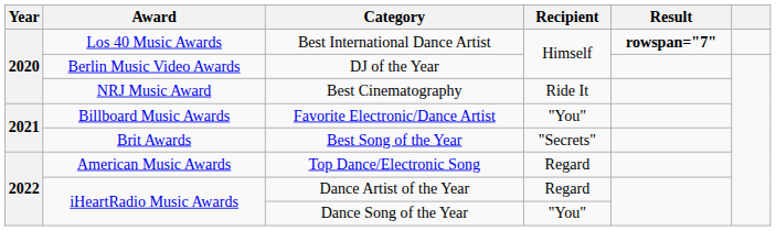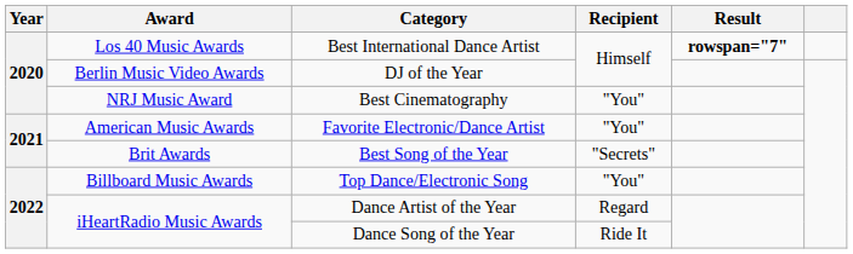 <table class="wikitable plainrowheaders unsortable" style="text-align:center">
 <tr>
 <th style="width:5%;">Year</th>
 <th>Award</th>
 <th>Category</th>
 <th>Recipient</th>
 <th>Result</th>
 <th style="width:5%;"></th>
 </tr>
 <tr>
 <th rowspan="3" scope="row">2020</th>
 <td><a href='#'>Los 40 Music Awards</a></td>
 <td>Best International Dance Artist</td>
 <td rowspan="2">Himself</td>
 <td><strong>rowspan="7" </strong></td>
 <td></td>
 </tr>
 <tr>
 <td><a href='#'>Berlin Music Video Awards</a></td>
 <td>DJ of the Year</td>
 <td></td>
 </tr>
 <tr>
 <td><a href='#'>NRJ Music Award</a></td>
 <td>Best Cinematography</td>
-<td>Ride It</td>
+<td>"You"</td>
 <td></td>
 </tr>
 <tr>
 <th rowspan="2" scope="row">2021</th>
-<td><a href='#'>Billboard Music Awards</a></td>
+<td><a href='#'>American Music Awards</a></td>
 <td><a href='#'>Favorite Electronic/Dance Artist</a></td>
 <td>"You"</td>
 <td></td>
 </tr>
 <tr>
 <td><a href='#'>Brit Awards</a></td>
 <td><a href='#'>Best Song of the Year</a></td>
 <td>"Secrets"</td>
 <td></td>
 </tr>
 <tr>
 <th scope="row" rowspan="3">2022</th>
-<td><a href='#'>American Music Awards</a></td>
+<td><a href='#'>Billboard Music Awards</a></td>
 <td><a href='#'>Top Dance/Electronic Song</a></td>
-<td>Regard</td>
+<td>"You"</td>
 <td></td>
 </tr>
 <tr>
 <td rowspan="2"><a href='#'>iHeartRadio Music Awards</a></td>
 <td>Dance Artist of the Year</td>
 <td>Regard</td>
 <td rowspan="2"></td>
 </tr>
 <tr>
 <td>Dance Song of the Year</td>
-<td>"You"</td>
+<td>Ride It</td>
 </tr>
 </table>
